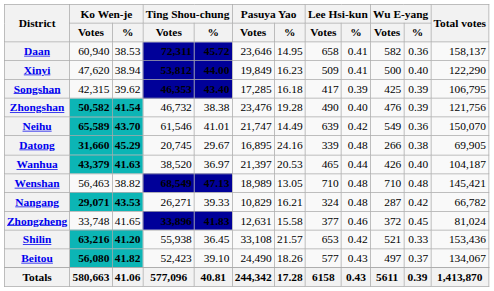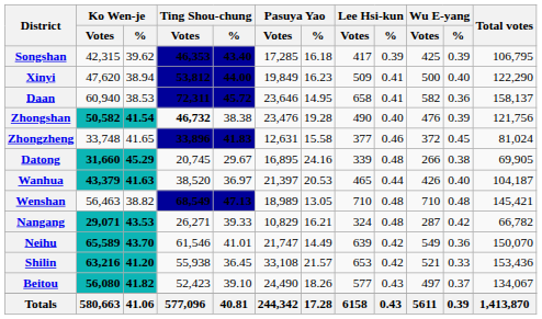 <table class="wikitable sortable" style="text-align:right; font-size:95%;">
 <tr>
 <th rowspan=2>District</th>
 <th colspan=2>Ko Wen-je</th>
 <th colspan=2>Ting Shou-chung</th>
 <th colspan=2>Pasuya Yao</th>
 <th colspan=2>Lee Hsi-kun</th>
 <th colspan=2>Wu E-yang</th>
 <th rowspan=2>Total votes</th>
 </tr>
 <tr>
 <th>Votes</th>
 <th>%</th>
 <th>Votes</th>
 <th>%</th>
 <th>Votes</th>
 <th>%</th>
 <th>Votes</th>
 <th>%</th>
 <th>Votes</th>
 <th>%</th>
 </tr>
 <tr>
-<th><a href='#'>Daan</a></th>
-<td>60,940</td>
-<td>38.53</td>
-<td bgcolor=#000099><span><strong>72,311</strong></span></td>
-<td bgcolor=#000099><span><strong>45.72</strong></span></td>
-<td>23,646</td>
-<td>14.95</td>
-<td>658</td>
-<td>0.41</td>
-<td>582</td>
-<td>0.36</td>
-<td>158,137</td>
+<th><a href='#'>Songshan</a></th>
+<td>42,315</td>
+<td>39.62</td>
+<td bgcolor=#000099><span><strong>46,353</strong></span></td>
+<td bgcolor=#000099><span><strong>43.40</strong></span></td>
+<td>17,285</td>
+<td>16.18</td>
+<td>417</td>
+<td>0.39</td>
+<td>425</td>
+<td>0.39</td>
+<td>106,795</td>
 </tr>
 <tr>
 <th><a href='#'>Xinyi</a></th>
 <td>47,620</td>
 <td>38.94</td>
 <td bgcolor=#000099><span><strong>53,812</strong></span></td>
 <td bgcolor=#000099><span><strong>44.00</strong></span></td>
 <td>19,849</td>
 <td>16.23</td>
 <td>509</td>
 <td>0.41</td>
 <td>500</td>
 <td>0.40</td>
 <td>122,290</td>
 </tr>
 <tr>
-<th><a href='#'>Songshan</a></th>
-<td>42,315</td>
-<td>39.62</td>
-<td bgcolor=#000099><span><strong>46,353</strong></span></td>
-<td bgcolor=#000099><span><strong>43.40</strong></span></td>
-<td>17,285</td>
-<td>16.18</td>
-<td>417</td>
-<td>0.39</td>
-<td>425</td>
-<td>0.39</td>
-<td>106,795</td>
+<th><a href='#'>Daan</a></th>
+<td>60,940</td>
+<td>38.53</td>
+<td bgcolor=#000099><span><strong>72,311</strong></span></td>
+<td bgcolor=#000099><span><strong>45.72</strong></span></td>
+<td>23,646</td>
+<td>14.95</td>
+<td>658</td>
+<td>0.41</td>
+<td>582</td>
+<td>0.36</td>
+<td>158,137</td>
 </tr>
 <tr>
 <th><a href='#'>Zhongshan</a></th>
 <td bgcolor=#0cb5b5><span><strong>50,582</strong></span></td>
 <td bgcolor=#0cb5b5><span><strong>41.54</strong></span></td>
-<td>46,732</td>
+<td><strong>46,732</strong></td>
 <td>38.38</td>
 <td>23,476</td>
 <td>19.28</td>
 <td>490</td>
 <td>0.40</td>
 <td>476</td>
 <td>0.39</td>
 <td>121,756</td>
 </tr>
 <tr>
-<th><a href='#'>Neihu</a></th>
-<td bgcolor=#0cb5b5><span><strong>65,589</strong></span></td>
-<td bgcolor=#0cb5b5><span><strong>43.70</strong></span></td>
-<td>61,546</td>
-<td>41.01</td>
-<td>21,747</td>
-<td>14.49</td>
-<td>639</td>
-<td>0.42</td>
-<td>549</td>
-<td>0.36</td>
-<td>150,070</td>
+<th><a href='#'>Zhongzheng</a></th>
+<td>33,748</td>
+<td>41.65</td>
+<td bgcolor=#000099><span><strong>33,896</strong></span></td>
+<td bgcolor=#000099><span><strong>41.83</strong></span></td>
+<td>12,631</td>
+<td>15.58</td>
+<td>377</td>
+<td>0.46</td>
+<td>372</td>
+<td>0.45</td>
+<td>81,024</td>
 </tr>
 <tr>
 <th><a href='#'>Datong</a></th>
 <td bgcolor=#0cb5b5><span><strong>31,660</strong></span></td>
 <td bgcolor=#0cb5b5><span><strong>45.29</strong></span></td>
 <td>20,745</td>
 <td>29.67</td>
 <td>16,895</td>
 <td>24.16</td>
 <td>339</td>
 <td>0.48</td>
 <td>266</td>
 <td>0.38</td>
 <td>69,905</td>
 </tr>
 <tr>
 <th><a href='#'>Wanhua</a></th>
 <td bgcolor=#0cb5b5><span><strong>43,379</strong></span></td>
 <td bgcolor=#0cb5b5><span><strong>41.63</strong></span></td>
 <td>38,520</td>
 <td>36.97</td>
 <td>21,397</td>
 <td>20.53</td>
 <td>465</td>
 <td>0.44</td>
 <td>426</td>
 <td>0.40</td>
 <td>104,187</td>
 </tr>
 <tr>
 <th><a href='#'>Wenshan</a></th>
 <td>56,463</td>
 <td>38.82</td>
 <td bgcolor=#000099><span><strong>68,549</strong></span></td>
 <td bgcolor=#000099><span><strong>47.13</strong></span></td>
 <td>18,989</td>
 <td>13.05</td>
 <td>710</td>
 <td>0.48</td>
 <td>710</td>
 <td>0.48</td>
 <td>145,421</td>
 </tr>
 <tr>
 <th><a href='#'>Nangang</a></th>
 <td bgcolor=#0cb5b5><span><strong>29,071</strong></span></td>
 <td bgcolor=#0cb5b5><span><strong>43.53</strong></span></td>
 <td>26,271</td>
 <td>39.33</td>
 <td>10,829</td>
 <td>16.21</td>
 <td>324</td>
 <td>0.48</td>
 <td>287</td>
 <td>0.42</td>
 <td>66,782</td>
 </tr>
 <tr>
-<th><a href='#'>Zhongzheng</a></th>
-<td>33,748</td>
-<td>41.65</td>
-<td bgcolor=#000099><span><strong>33,896</strong></span></td>
-<td bgcolor=#000099><span><strong>41.83</strong></span></td>
-<td>12,631</td>
-<td>15.58</td>
-<td>377</td>
-<td>0.46</td>
-<td>372</td>
-<td>0.45</td>
-<td>81,024</td>
+<th><a href='#'>Neihu</a></th>
+<td bgcolor=#0cb5b5><span><strong>65,589</strong></span></td>
+<td bgcolor=#0cb5b5><span><strong>43.70</strong></span></td>
+<td>61,546</td>
+<td>41.01</td>
+<td>21,747</td>
+<td>14.49</td>
+<td>639</td>
+<td>0.42</td>
+<td>549</td>
+<td>0.36</td>
+<td>150,070</td>
 </tr>
 <tr>
 <th><a href='#'>Shilin</a></th>
 <td bgcolor=#0cb5b5><span><strong>63,216</strong></span></td>
 <td bgcolor=#0cb5b5><span><strong>41.20</strong></span></td>
 <td>55,938</td>
 <td>36.45</td>
 <td>33,108</td>
 <td>21.57</td>
 <td>653</td>
 <td>0.42</td>
 <td>521</td>
 <td>0.33</td>
 <td>153,436</td>
 </tr>
 <tr>
 <th><a href='#'>Beitou</a></th>
 <td bgcolor=#0cb5b5><span><strong>56,080</strong></span></td>
 <td bgcolor=#0cb5b5><span><strong>41.82</strong></span></td>
 <td>52,423</td>
 <td>39.10</td>
 <td>24,490</td>
 <td>18.26</td>
 <td>577</td>
 <td>0.43</td>
 <td>497</td>
 <td>0.37</td>
 <td>134,067</td>
 </tr>
 <tr>
 </tr>
 <tr>
 <th>Totals</th>
 <th>580,663</th>
 <th>41.06</th>
 <th>577,096</th>
 <th>40.81</th>
 <th>244,342</th>
 <th>17.28</th>
 <th>6158</th>
 <th>0.43</th>
 <th>5611</th>
 <th>0.39</th>
 <th>1,413,870</th>
 </tr>
 </table>
